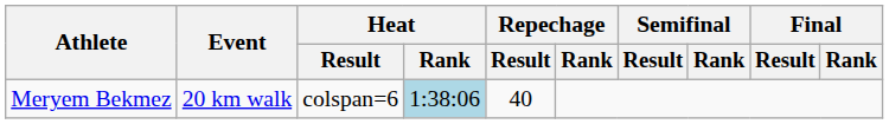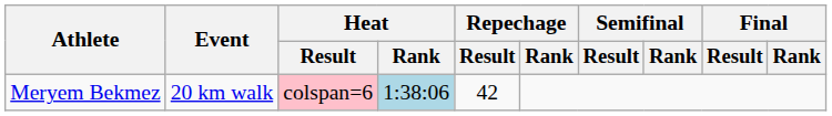 <table class="wikitable" style="font-size:90%">
 <tr>
 <th rowspan="2">Athlete</th>
 <th rowspan="2">Event</th>
 <th colspan="2">Heat</th>
 <th colspan="2">Repechage</th>
 <th colspan="2">Semifinal</th>
 <th colspan="2">Final</th>
 </tr>
 <tr style="font-size:95%">
 <th>Result</th>
 <th>Rank</th>
 <th>Result</th>
 <th>Rank</th>
 <th>Result</th>
 <th>Rank</th>
 <th>Result</th>
 <th>Rank</th>
 </tr>
 <tr align=center>
 <td align=left><a href='#'>Meryem Bekmez</a></td>
 <td align=left><a href='#'>20 km walk</a></td>
-<td>colspan=6 </td>
+<td style="background: pink;">colspan=6 </td>
 <td style="background: lightblue;">1:38:06</td>
-<td>40</td>
+<td>42</td>
 </tr>
 </table>
